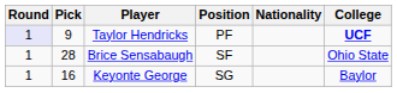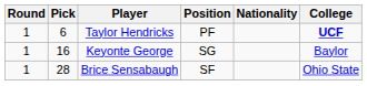 <table class="wikitable sortable sortable">
 <tr>
 <th>Round</th>
 <th>Pick</th>
 <th>Player</th>
 <th>Position</th>
 <th>Nationality</th>
 <th>College</th>
 </tr>
 <tr style="text-align: center">
-<td style="background: lavender;">1</td>
-<td>9</td>
+<td>1</td>
+<td>6</td>
 <td><a href='#'>Taylor Hendricks</a></td>
 <td>PF</td>
 <td></td>
 <td><strong><a href='#'>UCF</a></strong></td>
+</tr>
+<tr style="text-align: center">
+<td>1</td>
+<td>16</td>
+<td><a href='#'>Keyonte George</a></td>
+<td>SG</td>
+<td></td>
+<td><a href='#'>Baylor</a></td>
 </tr>
 <tr style="text-align: center">
 <td>1</td>
 <td>28</td>
 <td><a href='#'>Brice Sensabaugh</a></td>
 <td>SF</td>
 <td></td>
 <td><a href='#'>Ohio State</a></td>
 </tr>
-<tr style="text-align: center">
-<td>1</td>
-<td>16</td>
-<td><a href='#'>Keyonte George</a></td>
-<td>SG</td>
-<td></td>
-<td><a href='#'>Baylor</a></td>
-</tr>
 </table>
